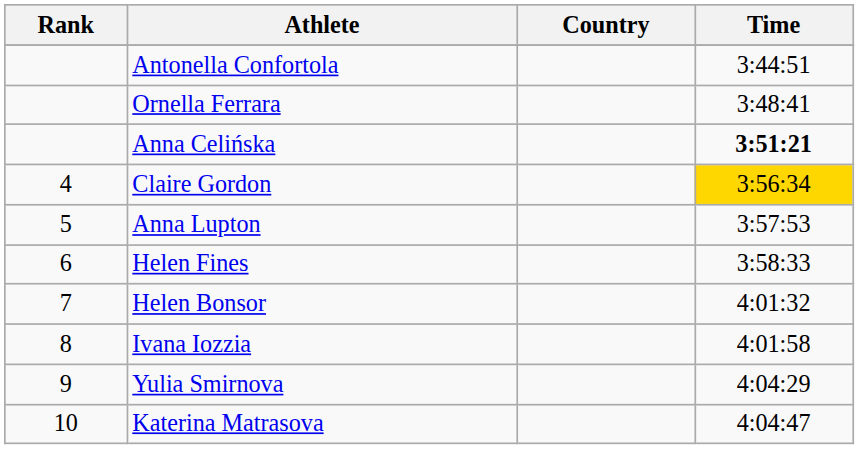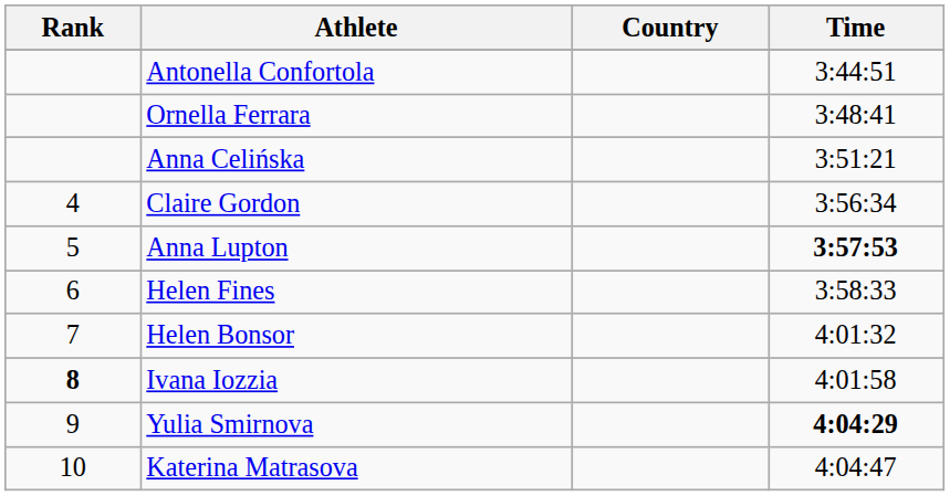 <table class="wikitable" width=40% style="font-size:90%; text-align:center;">
 <tr>
 <th>Rank</th>
 <th>Athlete</th>
 <th>Country</th>
 <th>Time</th>
 </tr>
 <tr>
 </tr>
 <tr>
 <td></td>
 <td align=left><a href='#'>Antonella Confortola</a></td>
 <td align=left></td>
 <td>3:44:51</td>
 </tr>
 <tr>
 <td></td>
 <td align=left><a href='#'>Ornella Ferrara</a></td>
 <td align=left></td>
 <td>3:48:41</td>
 </tr>
 <tr>
 <td></td>
 <td align=left><a href='#'>Anna Celińska</a></td>
 <td align=left></td>
-<td><strong>3:51:21</strong></td>
+<td>3:51:21</td>
 </tr>
 <tr>
 <td>4</td>
 <td align=left><a href='#'>Claire Gordon</a></td>
 <td align=left></td>
-<td style="background: gold;">3:56:34</td>
+<td>3:56:34</td>
 </tr>
 <tr>
 <td>5</td>
 <td align=left><a href='#'>Anna Lupton</a></td>
 <td align=left></td>
-<td>3:57:53</td>
+<td><strong>3:57:53</strong></td>
 </tr>
 <tr>
 <td>6</td>
 <td align=left><a href='#'>Helen Fines</a></td>
 <td align=left></td>
 <td>3:58:33</td>
 </tr>
 <tr>
 <td>7</td>
 <td align=left><a href='#'>Helen Bonsor</a></td>
 <td align=left></td>
 <td>4:01:32</td>
 </tr>
 <tr>
-<td>8</td>
+<td><strong>8</strong></td>
 <td align=left><a href='#'>Ivana Iozzia</a></td>
 <td align=left></td>
 <td>4:01:58</td>
 </tr>
 <tr>
 <td>9</td>
 <td align=left><a href='#'>Yulia Smirnova</a></td>
 <td align=left></td>
-<td>4:04:29</td>
+<td><strong>4:04:29</strong></td>
 </tr>
 <tr>
 <td>10</td>
 <td align=left><a href='#'>Katerina Matrasova</a></td>
 <td align=left></td>
 <td>4:04:47</td>
 </tr>
 </table>
